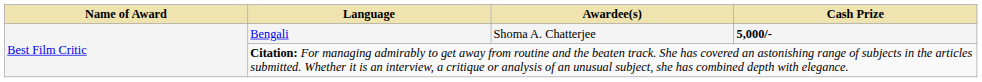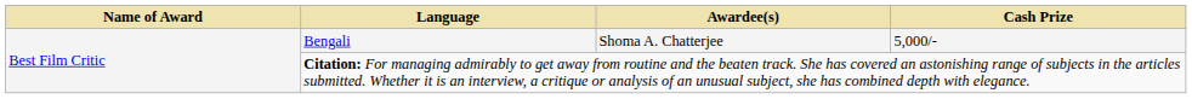 <table class="wikitable" style="width:100%;">
 <tr style="background-color:#F4F4F4">
 <th style="background-color:#EFE4B0;width:25%;">Name of Award</th>
 <th style="background-color:#EFE4B0;width:25%;">Language</th>
 <th style="background-color:#EFE4B0;width:25%;">Awardee(s)</th>
 <th style="background-color:#EFE4B0;width:25%;">Cash Prize</th>
 </tr>
 <tr style="background-color:#F4F4F4">
 <td rowspan="2"><a href='#'>Best Film Critic</a></td>
 <td><a href='#'>Bengali</a></td>
 <td>Shoma A. Chatterjee</td>
-<td><strong> 5,000/-</strong></td>
+<td> 5,000/-</td>
 </tr>
 <tr style="background-color:#F9F9F9">
 <td colspan="4"><strong>Citation:</strong> <em>For managing admirably to get away from routine and the beaten track. She has covered an astonishing range of subjects in the articles submitted. Whether it is an interview, a critique or analysis of an unusual subject, she has combined depth with elegance.</em></td>
 </tr>
 </table>
